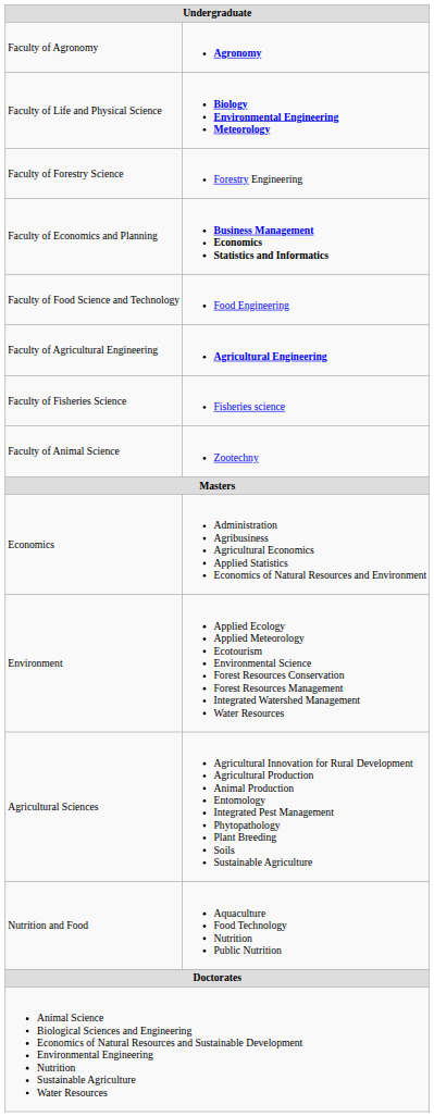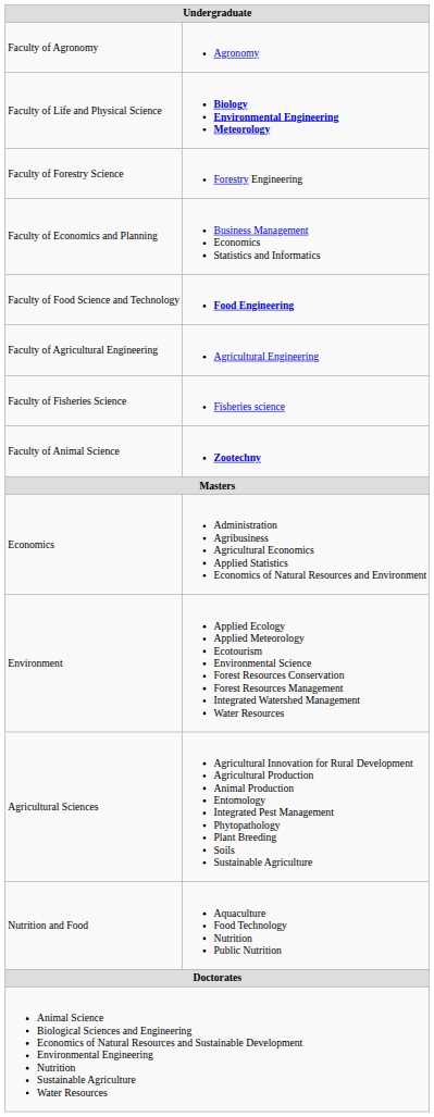 <table class="wikitable" style="margin: 0.5em 0.5em 0.5em 1em; padding: 0.5em; background: #f9f9f9; border: 1px #aaa solid; border-collapse: collapse; font-size: 90%;" cellspacing="0" align="center">
 <tr>
 <th colspan="3" style="background:#DDDDDD;">Undergraduate</th>
 </tr>
 <tr>
 <td Faculty of Agronomy (Universidad Nacional Agraria La Molina)>Faculty of Agronomy</td>
-<td><strong><br><ul><li><a href='#'>Agronomy</a></li></ul></strong></td>
+<td><br><ul><li><a href='#'>Agronomy</a></li></ul></td>
 </tr>
 <tr>
 <td Faculty of Life and Physical Science (Universidad Nacional Agraria La Molina)>Faculty of Life and Physical Science</td>
 <td><strong><br><ul><li><a href='#'>Biology</a></li><li><a href='#'>Environmental Engineering</a></li><li><a href='#'>Meteorology</a></li></ul></strong></td>
 </tr>
 <tr>
 <td Faculty of Forestry Science (Universidad Nacional Agraria La Molina)>Faculty of Forestry Science</td>
 <td><br><ul><li><a href='#'>Forestry</a> Engineering</li></ul></td>
 </tr>
 <tr>
 <td Faculty of Economics and Planning (Universidad Nacional Agraria La Molina)>Faculty of Economics and Planning</td>
-<td><strong><br><ul><li><a href='#'>Business Management</a></li><li>Economics</li><li>Statistics and Informatics</li></ul></strong></td>
+<td><br><ul><li><a href='#'>Business Management</a></li><li>Economics</li><li>Statistics and Informatics</li></ul></td>
 </tr>
 <tr>
 <td Faculty of Food Science and Technology (Universidad Nacional Agraria La Molina)>Faculty of Food Science and Technology</td>
-<td><br><ul><li><a href='#'>Food Engineering</a></li></ul></td>
+<td><strong><br><ul><li><a href='#'>Food Engineering</a></li></ul></strong></td>
 </tr>
 <tr>
 <td Faculty of Agricultural Engineering (Universidad Nacional Agraria La Molina)>Faculty of Agricultural Engineering</td>
-<td><strong><br><ul><li><a href='#'>Agricultural Engineering</a></li></ul></strong></td>
+<td><br><ul><li><a href='#'>Agricultural Engineering</a></li></ul></td>
 </tr>
 <tr>
 <td Faculty of Fisheries Science (Universidad Nacional Agraria La Molina)>Faculty of Fisheries Science</td>
 <td><br><ul><li><a href='#'>Fisheries science</a></li></ul></td>
 </tr>
 <tr>
 <td Faculty of Animal Science (Universidad Nacional Agraria La Molina)>Faculty of Animal Science</td>
-<td><br><ul><li><a href='#'>Zootechny</a></li></ul></td>
+<td><strong><br><ul><li><a href='#'>Zootechny</a></li></ul></strong></td>
 </tr>
 <tr>
 <th colspan="3" style="background:#DDDDDD;">Masters</th>
 </tr>
 <tr>
 <td>Economics</td>
 <td><br><ul><li>Administration</li><li>Agribusiness</li><li>Agricultural Economics</li><li>Applied Statistics</li><li>Economics of Natural Resources and Environment</li></ul></td>
 </tr>
 <tr>
 <td>Environment</td>
 <td><br><ul><li>Applied Ecology</li><li>Applied Meteorology</li><li>Ecotourism</li><li>Environmental Science</li><li>Forest Resources Conservation</li><li>Forest Resources Management</li><li>Integrated Watershed Management</li><li>Water Resources</li></ul></td>
 </tr>
 <tr>
 <td>Agricultural Sciences</td>
 <td><br><ul><li>Agricultural Innovation for Rural Development</li><li>Agricultural Production</li><li>Animal Production</li><li>Entomology</li><li>Integrated Pest Management</li><li>Phytopathology</li><li>Plant Breeding</li><li>Soils</li><li>Sustainable Agriculture</li></ul></td>
 </tr>
 <tr>
 <td>Nutrition and Food</td>
 <td><br><ul><li>Aquaculture</li><li>Food Technology</li><li>Nutrition</li><li>Public Nutrition</li></ul></td>
 </tr>
 <tr>
 <th colspan="3" style="background:#DDDDDD;">Doctorates</th>
 </tr>
 <tr>
 <td colspan="2"><br><ul><li>Animal Science</li><li>Biological Sciences and Engineering</li><li>Economics of Natural Resources and Sustainable Development</li><li>Environmental Engineering</li><li>Nutrition</li><li>Sustainable Agriculture</li><li>Water Resources</li></ul></td>
 </tr>
 </table>
